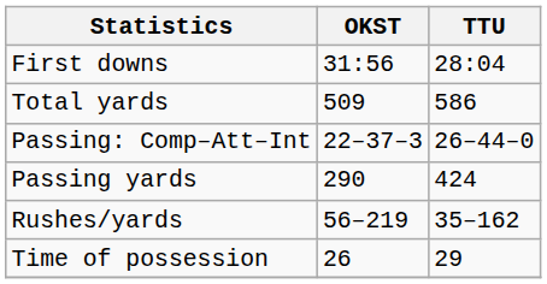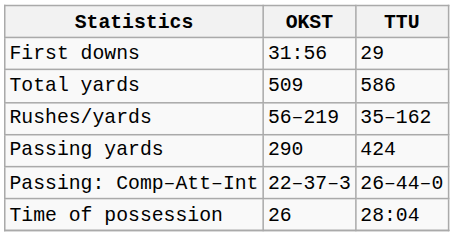 <table class="wikitable" style="float: left;">
 <tr>
 <th>Statistics</th>
 <th>OKST</th>
 <th>TTU</th>
 </tr>
 <tr>
 <td>First downs</td>
 <td>31:56</td>
-<td>28:04</td>
+<td>29</td>
 </tr>
 <tr>
 <td>Total yards</td>
 <td>509</td>
 <td>586</td>
 </tr>
 <tr>
-<td>Passing: Comp–Att–Int</td>
-<td>22–37–3</td>
-<td>26–44–0</td>
+<td>Rushes/yards</td>
+<td>56–219</td>
+<td>35–162</td>
 </tr>
 <tr>
 <td>Passing yards</td>
 <td>290</td>
 <td>424</td>
 </tr>
 <tr>
-<td>Rushes/yards</td>
-<td>56–219</td>
-<td>35–162</td>
+<td>Passing: Comp–Att–Int</td>
+<td>22–37–3</td>
+<td>26–44–0</td>
 </tr>
 <tr>
 <td>Time of possession</td>
 <td>26</td>
-<td>29</td>
+<td>28:04</td>
 </tr>
 <tr>
 </tr>
 </table>
